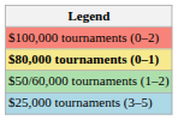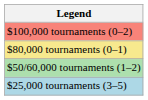 <table class="wikitable" style="font-size:85%">
 <tr>
 <th>Legend</th>
 </tr>
 <tr style="background:#f88379;">
 <td>$100,000 tournaments (0–2)</td>
 </tr>
 <tr style="background:#f7e98e;">
-<td><strong>$80,000 tournaments (0–1)</strong></td>
+<td>$80,000 tournaments (0–1)</td>
 </tr>
 <tr style="background:#addfad;">
 <td>$50/60,000 tournaments (1–2)</td>
 </tr>
 <tr style="background:lightblue;">
 <td>$25,000 tournaments (3–5)</td>
 </tr>
 </table>
